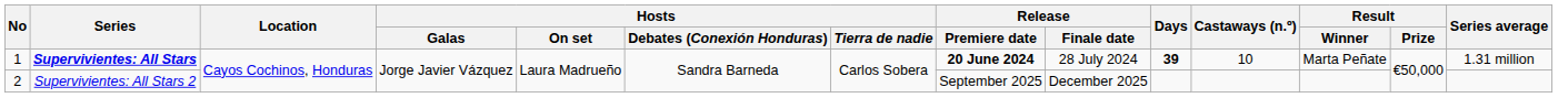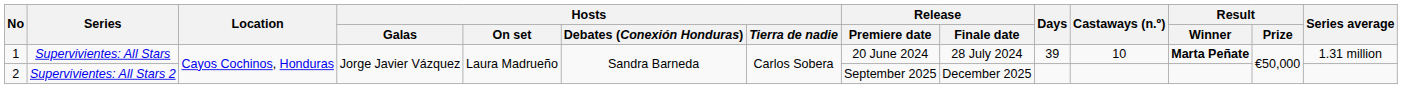 <table class="wikitable" style="text-align:center; font-size:90%">
 <tr>
 <th rowspan="2">No</th>
 <th rowspan="2">Series</th>
 <th rowspan="2">Location</th>
 <th colspan="4">Hosts</th>
 <th colspan="2">Release</th>
 <th rowspan="2">Days</th>
 <th rowspan="2">Castaways (n.º)</th>
 <th colspan="2">Result</th>
 <th rowspan="2">Series average</th>
 </tr>
 <tr>
 <th>Galas</th>
 <th>On set</th>
 <th>Debates (<em>Conexión Honduras</em>)</th>
 <th><em>Tierra de nadie</em></th>
 <th>Premiere date</th>
 <th>Finale date</th>
 <th>Winner</th>
 <th>Prize</th>
 </tr>
 <tr>
 <td>1</td>
-<td><strong><em><a href='#'>Supervivientes: All Stars</a></em></strong></td>
+<td><em><a href='#'>Supervivientes: All Stars</a></em></td>
 <td rowspan="2"><a href='#'>Cayos Cochinos</a>, <a href='#'>Honduras</a></td>
 <td rowspan=2>Jorge Javier Vázquez</td>
 <td rowspan=2>Laura Madrueño</td>
 <td rowspan=2>Sandra Barneda</td>
 <td rowspan=2>Carlos Sobera</td>
-<td><strong>20 June 2024</strong></td>
+<td>20 June 2024</td>
 <td>28 July 2024</td>
-<td><strong>39</strong></td>
+<td>39</td>
 <td>10</td>
-<td>Marta Peñate</td>
+<td><strong>Marta Peñate</strong></td>
 <td rowspan=2>€50,000</td>
 <td>1.31 million</td>
 </tr>
 <tr>
 <td>2</td>
 <td><em><a href='#'>Supervivientes: All Stars 2</a></em></td>
 <td>September 2025</td>
 <td>December 2025</td>
 <td></td>
 <td></td>
 <td></td>
 <td></td>
 </tr>
 </table>
